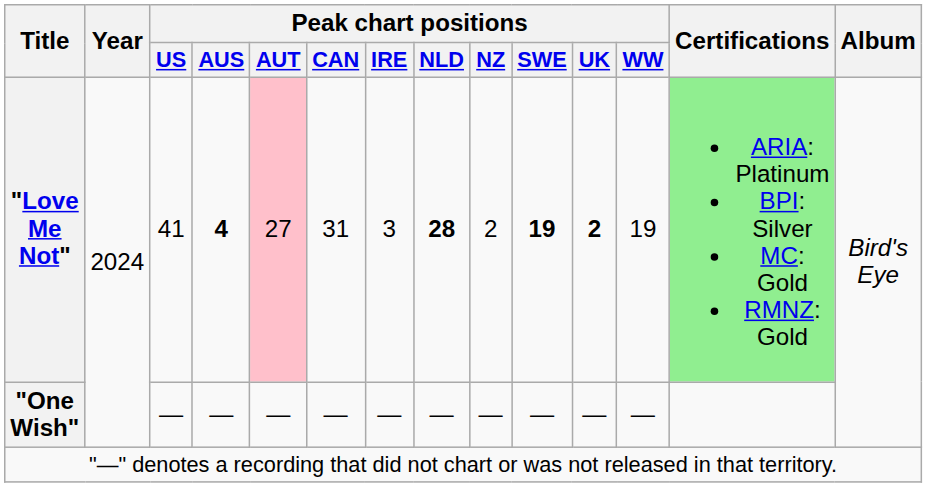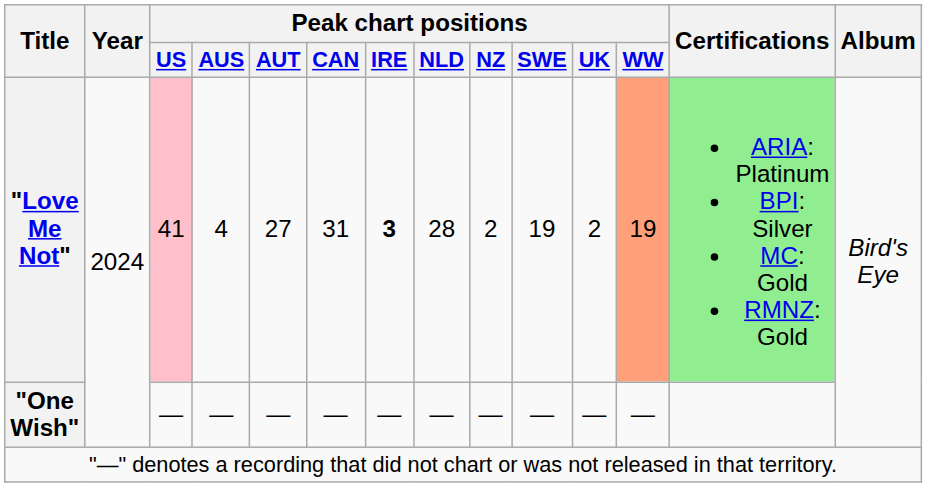 <table class="wikitable plainrowheaders" style="text-align:center;">
 <tr>
 <th scope="col" rowspan="2">Title</th>
 <th scope="col" rowspan="2">Year</th>
 <th scope="col" colspan="10">Peak chart positions</th>
 <th scope="col" rowspan="2">Certifications</th>
 <th scope="col" rowspan="2">Album</th>
 </tr>
 <tr>
 <th scope="col" style="width:3em;font-size:90%;"><a href='#'>US</a><br></th>
 <th scope="col" style="width:3em;font-size:90%;"><a href='#'>AUS</a><br></th>
 <th scope="col" style="width:3em;font-size:90%;"><a href='#'>AUT</a><br></th>
 <th scope="col" style="width:3em;font-size:90%;"><a href='#'>CAN</a><br></th>
 <th scope="col" style="width:3em;font-size:90%;"><a href='#'>IRE</a><br></th>
 <th scope="col" style="width:3em;font-size:90%;"><a href='#'>NLD</a><br></th>
 <th scope="col" style="width:3em;font-size:90%;"><a href='#'>NZ</a><br></th>
 <th scope="col" style="width:3em;font-size:90%;"><a href='#'>SWE</a><br></th>
 <th scope="col" style="width:3em;font-size:90%;"><a href='#'>UK</a><br></th>
 <th scope="col" style="width:3em;font-size:90%;"><a href='#'>WW</a><br></th>
 </tr>
 <tr>
 <th scope="row">"<a href='#'>Love Me Not</a>"<br></th>
 <td rowspan="2">2024</td>
-<td>41</td>
-<td><strong>4</strong></td>
-<td style="background: pink;">27</td>
+<td style="background: pink;">41</td>
+<td>4</td>
+<td>27</td>
 <td>31</td>
-<td>3</td>
-<td><strong>28</strong></td>
+<td><strong>3</strong></td>
+<td>28</td>
 <td>2</td>
-<td><strong>19</strong></td>
-<td><strong>2</strong></td>
 <td>19</td>
+<td>2</td>
+<td style="background: lightsalmon;">19</td>
 <td style="background: lightgreen;"><br><ul><li><a href='#'>ARIA</a>: Platinum</li><li><a href='#'>BPI</a>: Silver</li><li><a href='#'>MC</a>: Gold</li><li><a href='#'>RMNZ</a>: Gold</li></ul></td>
 <td rowspan="2"><em>Bird's Eye</em></td>
 </tr>
 <tr>
 <th scope="row">"One Wish"<br></th>
 <td>—</td>
 <td>—</td>
 <td>—</td>
 <td>—</td>
 <td>—</td>
 <td>—</td>
 <td>—</td>
 <td>—</td>
 <td>—</td>
 <td>—</td>
 <td></td>
 </tr>
 <tr>
 <td colspan="14" style="font-size:90%">"—" denotes a recording that did not chart or was not released in that territory.</td>
 </tr>
 </table>
